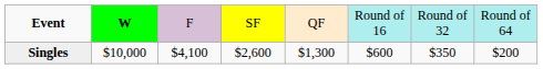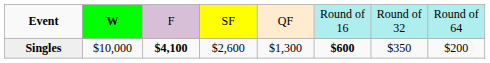 <table class=wikitable style=font-size:95%;text-align:center>
 <tr>
 <td style="width:130px"><strong>Event</strong></td>
 <td style="width:85px; background:lime"><strong>W</strong></td>
 <td style="width:85px; background:thistle">F</td>
 <td style="width:85px; background:#ffff00">SF</td>
 <td style="width:85px; background:#ffebcd">QF</td>
 <td style="width:85px; background:#afeeee">Round of 16</td>
 <td style="width:85px; background:#afeeee">Round of 32</td>
 <td style="width:85px; background:#afeeee">Round of 64</td>
 </tr>
 <tr>
 <th style=background:#efefef>Singles </th>
 <td>$10,000</td>
-<td>$4,100</td>
+<td><strong>$4,100</strong></td>
 <td>$2,600</td>
 <td>$1,300</td>
-<td>$600</td>
+<td><strong>$600</strong></td>
 <td>$350</td>
 <td>$200</td>
 </tr>
 </table>
